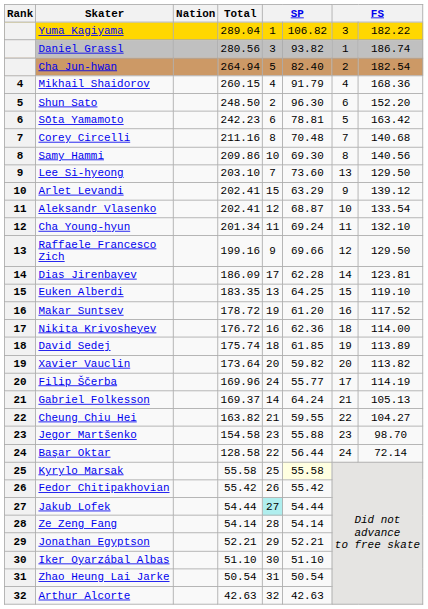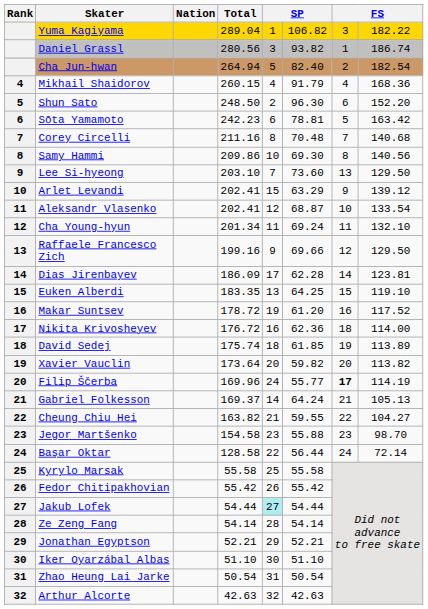 <table class="wikitable sortable" style="text-align:center; width:80%">
 <tr>
 <th scope="col">Rank</th>
 <th scope="col">Skater</th>
 <th scope="col">Nation</th>
 <th scope="col">Total</th>
 <th scope="col" colspan="2" width="80px"><a href='#'>SP</a></th>
 <th scope="col" colspan="2" width="80px"><a href='#'>FS</a></th>
 </tr>
 <tr bgcolor="gold">
 <th scope="row"></th>
 <td align="left"><a href='#'>Yuma Kagiyama</a></td>
 <td align="left"></td>
 <td>289.04</td>
 <td>1</td>
 <td>106.82</td>
 <td>3</td>
 <td>182.22</td>
 </tr>
 <tr bgcolor="silver">
 <th scope="row"></th>
 <td align="left"><a href='#'>Daniel Grassl</a></td>
 <td align="left"></td>
 <td>280.56</td>
 <td>3</td>
 <td>93.82</td>
 <td>1</td>
 <td>186.74</td>
 </tr>
 <tr bgcolor="#cc9966">
 <th scope="row"></th>
 <td align="left"><a href='#'>Cha Jun-hwan</a></td>
 <td align="left"></td>
 <td>264.94</td>
 <td>5</td>
 <td>82.40</td>
 <td>2</td>
 <td>182.54</td>
 </tr>
 <tr>
 <th scope="row">4</th>
 <td align="left"><a href='#'>Mikhail Shaidorov</a></td>
 <td align="left"></td>
 <td>260.15</td>
 <td>4</td>
 <td>91.79</td>
 <td>4</td>
 <td>168.36</td>
 </tr>
 <tr>
 <th scope="row">5</th>
 <td align="left"><a href='#'>Shun Sato</a></td>
 <td align="left"></td>
 <td>248.50</td>
 <td>2</td>
 <td>96.30</td>
 <td>6</td>
 <td>152.20</td>
 </tr>
 <tr>
 <th scope="row">6</th>
 <td align="left"><a href='#'>Sōta Yamamoto</a></td>
 <td align="left"></td>
 <td>242.23</td>
 <td>6</td>
 <td>78.81</td>
 <td>5</td>
 <td>163.42</td>
 </tr>
 <tr>
 <th scope="row">7</th>
 <td align="left"><a href='#'>Corey Circelli</a></td>
 <td align="left"></td>
 <td>211.16</td>
 <td>8</td>
 <td>70.48</td>
 <td>7</td>
 <td>140.68</td>
 </tr>
 <tr>
 <th scope="row">8</th>
 <td align="left"><a href='#'>Samy Hammi</a></td>
 <td align="left"></td>
 <td>209.86</td>
 <td>10</td>
 <td>69.30</td>
 <td>8</td>
 <td>140.56</td>
 </tr>
 <tr>
 <th scope="row">9</th>
 <td align="left"><a href='#'>Lee Si-hyeong</a></td>
 <td align="left"></td>
 <td>203.10</td>
 <td>7</td>
 <td>73.60</td>
 <td>13</td>
 <td>129.50</td>
 </tr>
 <tr>
 <th scope="row">10</th>
 <td align="left"><a href='#'>Arlet Levandi</a></td>
 <td align="left"></td>
 <td>202.41</td>
 <td>15</td>
 <td>63.29</td>
 <td>9</td>
 <td>139.12</td>
 </tr>
 <tr>
 <th scope="row">11</th>
 <td align="left"><a href='#'>Aleksandr Vlasenko</a></td>
 <td align="left"></td>
 <td>202.41</td>
 <td>12</td>
 <td>68.87</td>
 <td>10</td>
 <td>133.54</td>
 </tr>
 <tr>
 <th scope="row">12</th>
 <td align="left"><a href='#'>Cha Young-hyun</a></td>
 <td align="left"></td>
 <td>201.34</td>
 <td>11</td>
 <td>69.24</td>
 <td>11</td>
 <td>132.10</td>
 </tr>
 <tr>
 <th scope="row">13</th>
 <td align="left"><a href='#'>Raffaele Francesco Zich</a></td>
 <td align="left"></td>
 <td>199.16</td>
 <td>9</td>
 <td>69.66</td>
 <td>12</td>
 <td>129.50</td>
 </tr>
 <tr>
 <th scope="row">14</th>
 <td align="left"><a href='#'>Dias Jirenbayev</a></td>
 <td align="left"></td>
 <td>186.09</td>
 <td>17</td>
 <td>62.28</td>
 <td>14</td>
 <td>123.81</td>
 </tr>
 <tr>
 <th scope="row">15</th>
 <td align="left"><a href='#'>Euken Alberdi</a></td>
 <td align="left"></td>
 <td>183.35</td>
 <td>13</td>
 <td>64.25</td>
 <td>15</td>
 <td>119.10</td>
 </tr>
 <tr>
 <th scope="row">16</th>
 <td align="left"><a href='#'>Makar Suntsev</a></td>
 <td align="left"></td>
 <td>178.72</td>
 <td>19</td>
 <td>61.20</td>
 <td>16</td>
 <td>117.52</td>
 </tr>
 <tr>
 <th scope="row">17</th>
 <td align="left"><a href='#'>Nikita Krivosheyev</a></td>
 <td align="left"></td>
 <td>176.72</td>
 <td>16</td>
 <td>62.36</td>
 <td>18</td>
 <td>114.00</td>
 </tr>
 <tr>
 <th scope="row">18</th>
 <td align="left"><a href='#'>David Sedej</a></td>
 <td align="left"></td>
 <td>175.74</td>
 <td>18</td>
 <td>61.85</td>
 <td>19</td>
 <td>113.89</td>
 </tr>
 <tr>
 <th scope="row">19</th>
 <td align="left"><a href='#'>Xavier Vauclin</a></td>
 <td align="left"></td>
 <td>173.64</td>
 <td>20</td>
 <td>59.82</td>
 <td>20</td>
 <td>113.82</td>
 </tr>
 <tr>
 <th scope="row">20</th>
 <td align="left"><a href='#'>Filip Ščerba</a></td>
 <td align="left"></td>
 <td>169.96</td>
 <td>24</td>
 <td>55.77</td>
-<td>17</td>
+<td><strong>17</strong></td>
 <td>114.19</td>
 </tr>
 <tr>
 <th scope="row">21</th>
 <td align="left"><a href='#'>Gabriel Folkesson</a></td>
 <td align="left"></td>
 <td>169.37</td>
 <td>14</td>
 <td>64.24</td>
 <td>21</td>
 <td>105.13</td>
 </tr>
 <tr>
 <th scope="row">22</th>
 <td align="left"><a href='#'>Cheung Chiu Hei</a></td>
 <td align="left"></td>
 <td>163.82</td>
 <td>21</td>
 <td>59.55</td>
 <td>22</td>
 <td>104.27</td>
 </tr>
 <tr>
 <th scope="row">23</th>
 <td align="left"><a href='#'>Jegor Martšenko</a></td>
 <td align="left"></td>
 <td>154.58</td>
 <td>23</td>
 <td>55.88</td>
 <td>23</td>
 <td>98.70</td>
 </tr>
 <tr>
 <th scope="row">24</th>
 <td align="left"><a href='#'>Başar Oktar</a></td>
 <td align="left"></td>
 <td>128.58</td>
 <td>22</td>
 <td>56.44</td>
 <td>24</td>
 <td>72.14</td>
 </tr>
 <tr>
 <th scope="row">25</th>
 <td align="left"><a href='#'>Kyrylo Marsak</a></td>
 <td align="left"></td>
 <td>55.58</td>
 <td>25</td>
-<td style="background: lightyellow;">55.58</td>
+<td>55.58</td>
 <td colspan="2" rowspan="9" bgcolor="e5e4e2"><em>Did not advance<br>to free skate</em></td>
 </tr>
 <tr>
 <th scope="row">26</th>
 <td align="left"><a href='#'>Fedor Chitipakhovian</a></td>
 <td align="left"></td>
 <td>55.42</td>
 <td>26</td>
 <td>55.42</td>
 </tr>
 <tr>
 <th scope="row">27</th>
 <td align="left"><a href='#'>Jakub Lofek</a></td>
 <td align="left"></td>
 <td>54.44</td>
 <td style="background: paleturquoise;">27</td>
 <td>54.44</td>
 </tr>
 <tr>
 <th scope="row">28</th>
 <td align="left"><a href='#'>Ze Zeng Fang</a></td>
 <td align="left"></td>
 <td>54.14</td>
 <td>28</td>
 <td>54.14</td>
 </tr>
 <tr>
 <th scope="row">29</th>
 <td align="left"><a href='#'>Jonathan Egyptson</a></td>
 <td align="left"></td>
 <td>52.21</td>
 <td>29</td>
 <td>52.21</td>
 </tr>
 <tr>
 <th scope="row">30</th>
 <td align="left"><a href='#'>Iker Oyarzábal Albas</a></td>
 <td align="left"></td>
 <td>51.10</td>
 <td>30</td>
 <td>51.10</td>
 </tr>
 <tr>
 <th scope="row">31</th>
 <td align="left"><a href='#'>Zhao Heung Lai Jarke</a></td>
 <td align="left"></td>
 <td>50.54</td>
 <td>31</td>
 <td>50.54</td>
 </tr>
 <tr>
 <th scope="row">32</th>
 <td align="left"><a href='#'>Arthur Alcorte</a></td>
 <td align="left"></td>
 <td>42.63</td>
 <td>32</td>
 <td>42.63</td>
 </tr>
 </table>
